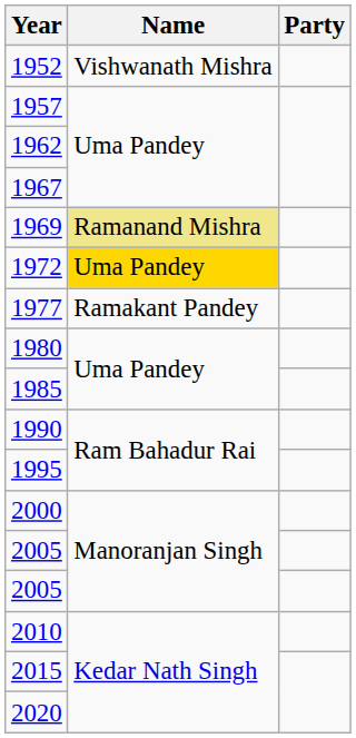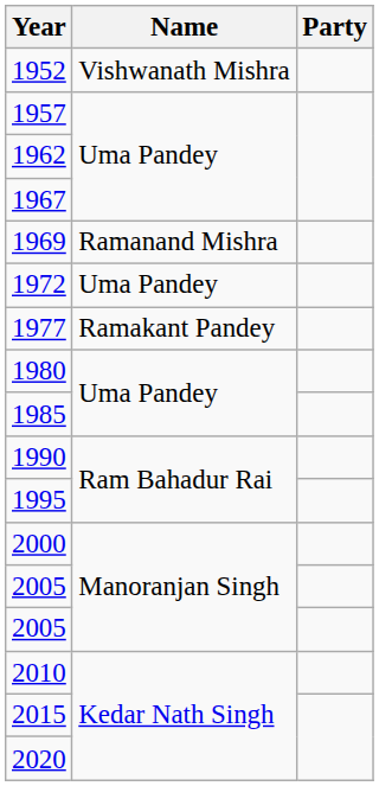 <table class="wikitable sortable">
 <tr>
 <th>Year</th>
 <th>Name</th>
 <th colspan="2">Party</th>
 </tr>
 <tr>
 <td><a href='#'>1952</a></td>
 <td>Vishwanath Mishra</td>
 <td></td>
 </tr>
 <tr>
 <td><a href='#'>1957</a></td>
 <td rowspan="3">Uma Pandey</td>
 </tr>
 <tr>
 <td><a href='#'>1962</a></td>
 </tr>
 <tr>
 <td><a href='#'>1967</a></td>
 </tr>
 <tr>
 <td><a href='#'>1969</a></td>
-<td style="background: khaki;">Ramanand Mishra</td>
+<td>Ramanand Mishra</td>
 <td></td>
 </tr>
 <tr>
 <td><a href='#'>1972</a></td>
-<td style="background: gold;">Uma Pandey</td>
+<td>Uma Pandey</td>
 <td></td>
 </tr>
 <tr>
 <td><a href='#'>1977</a></td>
 <td>Ramakant Pandey</td>
 <td></td>
 </tr>
 <tr>
 <td><a href='#'>1980</a></td>
 <td rowspan="2">Uma Pandey</td>
 <td></td>
 </tr>
 <tr>
 <td><a href='#'>1985</a></td>
 <td></td>
 </tr>
 <tr>
 <td><a href='#'>1990</a></td>
 <td rowspan="2">Ram Bahadur Rai</td>
 <td></td>
 </tr>
 <tr>
 <td><a href='#'>1995</a></td>
 <td></td>
 </tr>
 <tr>
 <td><a href='#'>2000</a></td>
 <td rowspan="3">Manoranjan Singh</td>
 <td></td>
 </tr>
 <tr>
 <td><a href='#'>2005</a></td>
 <td></td>
 </tr>
 <tr>
 <td><a href='#'>2005</a></td>
 <td></td>
 </tr>
 <tr>
 <td><a href='#'>2010</a></td>
 <td rowspan="3"><a href='#'>Kedar Nath Singh</a></td>
 <td></td>
 </tr>
 <tr>
 <td><a href='#'>2015</a></td>
 </tr>
 <tr>
 <td><a href='#'>2020</a></td>
 </tr>
 </table>
